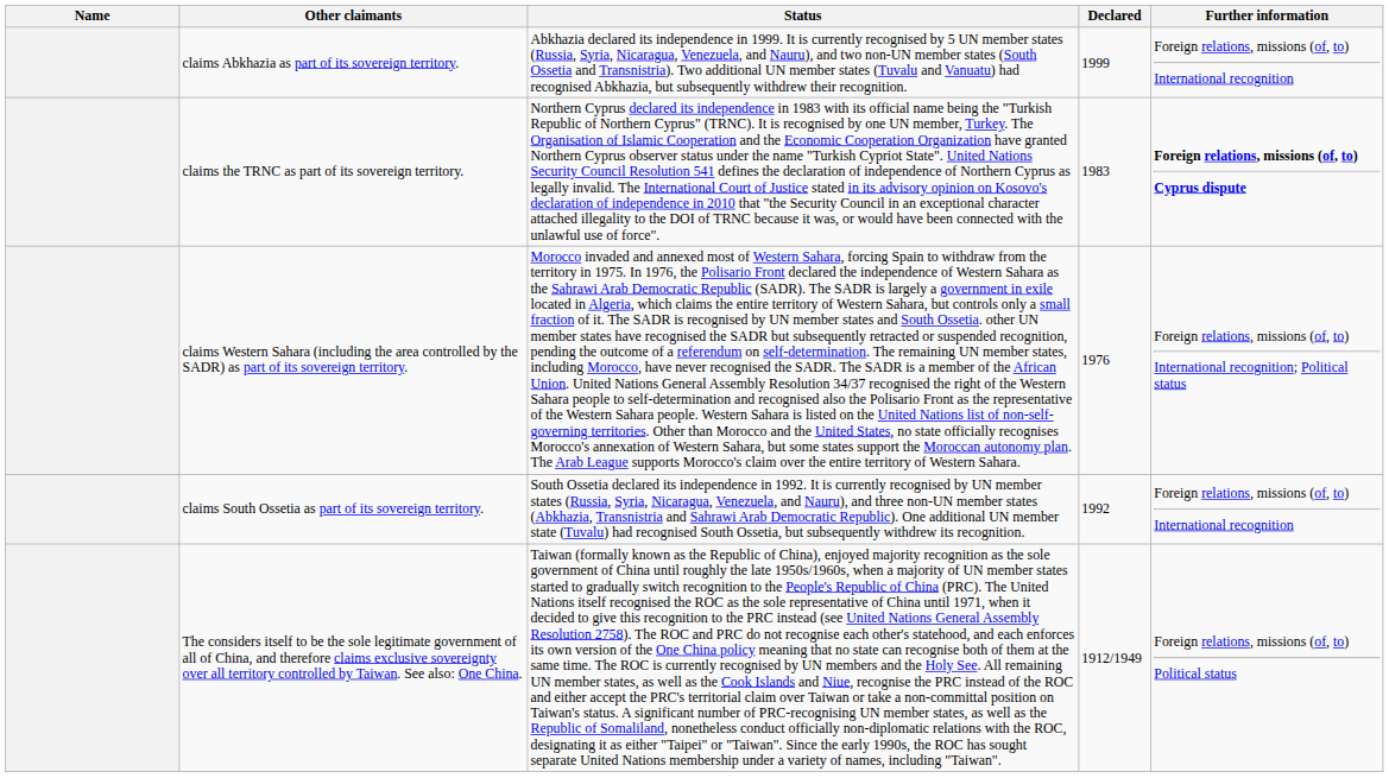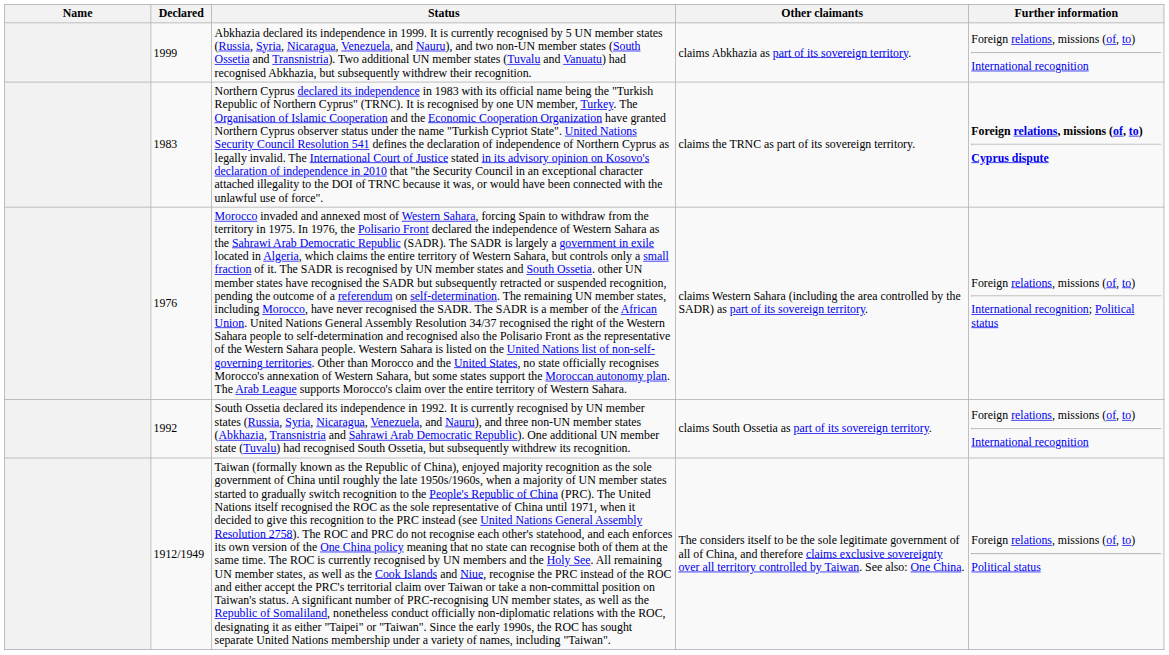 <table class="wikitable sortable">
 <tr>
 <th scope=col style="width:12%;">Name</th>
+<th scope=col style="width:5%;">Declared</th>
+<th scope=col style="width:38%;" class=unsortable>Status</th>
 <th scope=col style="width:24%;" class=unsortable>Other claimants</th>
-<th scope=col style="width:38%;" class=unsortable>Status</th>
-<th scope=col style="width:5%;">Declared</th>
 <th scope=col style="width:16%;" class=unsortable>Further information</th>
 </tr>
 <tr>
 <th scope=row></th>
+<td>1999</td>
+<td>Abkhazia declared its independence in 1999. It is currently recognised by 5 UN member states (<a href='#'>Russia</a>, <a href='#'>Syria</a>, <a href='#'>Nicaragua</a>, <a href='#'>Venezuela</a>, and <a href='#'>Nauru</a>), and two non-UN member states (<a href='#'>South Ossetia</a> and <a href='#'>Transnistria</a>). Two additional UN member states (<a href='#'>Tuvalu</a> and <a href='#'>Vanuatu</a>) had recognised Abkhazia, but subsequently withdrew their recognition.</td>
 <td> claims Abkhazia as <a href='#'>part of its sovereign territory</a>.</td>
-<td>Abkhazia declared its independence in 1999. It is currently recognised by 5 UN member states (<a href='#'>Russia</a>, <a href='#'>Syria</a>, <a href='#'>Nicaragua</a>, <a href='#'>Venezuela</a>, and <a href='#'>Nauru</a>), and two non-UN member states (<a href='#'>South Ossetia</a> and <a href='#'>Transnistria</a>). Two additional UN member states (<a href='#'>Tuvalu</a> and <a href='#'>Vanuatu</a>) had recognised Abkhazia, but subsequently withdrew their recognition.</td>
-<td>1999</td>
 <td>Foreign <a href='#'>relations</a>, missions (<a href='#'>of</a>, <a href='#'>to</a>)<hr> <a href='#'>International recognition</a></td>
 </tr>
 <tr>
 <th scope=row></th>
+<td>1983</td>
+<td>Northern Cyprus <a href='#'>declared its independence</a> in 1983 with its official name being the "Turkish Republic of Northern Cyprus" (TRNC). It is recognised by one UN member, <a href='#'>Turkey</a>. The <a href='#'>Organisation of Islamic Cooperation</a> and the <a href='#'>Economic Cooperation Organization</a> have granted Northern Cyprus observer status under the name "Turkish Cypriot State". <a href='#'>United Nations Security Council Resolution 541</a> defines the declaration of independence of Northern Cyprus as legally invalid. The <a href='#'>International Court of Justice</a> stated <a href='#'>in its advisory opinion on Kosovo's declaration of independence in 2010</a> that "the Security Council in an exceptional character attached illegality to the DOI of TRNC because it was, or would have been connected with the unlawful use of force".</td>
 <td> claims the TRNC as part of its sovereign territory.</td>
-<td>Northern Cyprus <a href='#'>declared its independence</a> in 1983 with its official name being the "Turkish Republic of Northern Cyprus" (TRNC). It is recognised by one UN member, <a href='#'>Turkey</a>. The <a href='#'>Organisation of Islamic Cooperation</a> and the <a href='#'>Economic Cooperation Organization</a> have granted Northern Cyprus observer status under the name "Turkish Cypriot State". <a href='#'>United Nations Security Council Resolution 541</a> defines the declaration of independence of Northern Cyprus as legally invalid. The <a href='#'>International Court of Justice</a> stated <a href='#'>in its advisory opinion on Kosovo's declaration of independence in 2010</a> that "the Security Council in an exceptional character attached illegality to the DOI of TRNC because it was, or would have been connected with the unlawful use of force".</td>
-<td>1983</td>
 <td><strong>Foreign <a href='#'>relations</a>, missions (<a href='#'>of</a>, <a href='#'>to</a>)<hr> <a href='#'>Cyprus dispute</a></strong></td>
 </tr>
 <tr>
 <th scope=row></th>
+<td>1976</td>
+<td><a href='#'>Morocco</a> invaded and annexed most of <a href='#'>Western Sahara</a>, forcing Spain to withdraw from the territory in 1975. In 1976, the <a href='#'>Polisario Front</a> declared the independence of Western Sahara as the <a href='#'>Sahrawi Arab Democratic Republic</a> (SADR). The SADR is largely a <a href='#'>government in exile</a> located in <a href='#'>Algeria</a>, which claims the entire territory of Western Sahara, but controls only a <a href='#'>small fraction</a> of it. The SADR is recognised by <a href='#'></a> UN member states and <a href='#'>South Ossetia</a>.  other UN member states have recognised the SADR but subsequently retracted or suspended recognition, pending the outcome of a <a href='#'>referendum</a> on <a href='#'>self-determination</a>. The remaining UN member states, including <a href='#'>Morocco</a>, have never recognised the SADR. The SADR is a member of the <a href='#'>African Union</a>. United Nations General Assembly Resolution 34/37 recognised the right of the Western Sahara people to self-determination and recognised also the Polisario Front as the representative of the Western Sahara people. Western Sahara is listed on the <a href='#'>United Nations list of non-self-governing territories</a>. Other than Morocco and the <a href='#'>United States</a>, no state officially recognises Morocco's annexation of Western Sahara, but some states support the <a href='#'>Moroccan autonomy plan</a>. The <a href='#'>Arab League</a> supports Morocco's claim over the entire territory of Western Sahara.</td>
 <td> claims Western Sahara (including the area controlled by the SADR) as <a href='#'>part of its sovereign territory</a>.</td>
-<td><a href='#'>Morocco</a> invaded and annexed most of <a href='#'>Western Sahara</a>, forcing Spain to withdraw from the territory in 1975. In 1976, the <a href='#'>Polisario Front</a> declared the independence of Western Sahara as the <a href='#'>Sahrawi Arab Democratic Republic</a> (SADR). The SADR is largely a <a href='#'>government in exile</a> located in <a href='#'>Algeria</a>, which claims the entire territory of Western Sahara, but controls only a <a href='#'>small fraction</a> of it. The SADR is recognised by <a href='#'></a> UN member states and <a href='#'>South Ossetia</a>.  other UN member states have recognised the SADR but subsequently retracted or suspended recognition, pending the outcome of a <a href='#'>referendum</a> on <a href='#'>self-determination</a>. The remaining UN member states, including <a href='#'>Morocco</a>, have never recognised the SADR. The SADR is a member of the <a href='#'>African Union</a>. United Nations General Assembly Resolution 34/37 recognised the right of the Western Sahara people to self-determination and recognised also the Polisario Front as the representative of the Western Sahara people. Western Sahara is listed on the <a href='#'>United Nations list of non-self-governing territories</a>. Other than Morocco and the <a href='#'>United States</a>, no state officially recognises Morocco's annexation of Western Sahara, but some states support the <a href='#'>Moroccan autonomy plan</a>. The <a href='#'>Arab League</a> supports Morocco's claim over the entire territory of Western Sahara.</td>
-<td>1976</td>
 <td>Foreign <a href='#'>relations</a>, missions (<a href='#'>of</a>, <a href='#'>to</a>)<hr> <a href='#'>International recognition</a>; <a href='#'>Political status</a></td>
 </tr>
 <tr>
 <th scope=row></th>
+<td>1992</td>
+<td>South Ossetia declared its independence in 1992. It is currently recognised by <a href='#'></a> UN member states (<a href='#'>Russia</a>, <a href='#'>Syria</a>, <a href='#'>Nicaragua</a>, <a href='#'>Venezuela</a>, and <a href='#'>Nauru</a>), and three non-UN member states (<a href='#'>Abkhazia</a>, <a href='#'>Transnistria</a> and <a href='#'>Sahrawi Arab Democratic Republic</a>). One additional UN member state (<a href='#'>Tuvalu</a>) had recognised South Ossetia, but subsequently withdrew its recognition.</td>
 <td> claims South Ossetia as <a href='#'>part of its sovereign territory</a>.</td>
-<td>South Ossetia declared its independence in 1992. It is currently recognised by <a href='#'></a> UN member states (<a href='#'>Russia</a>, <a href='#'>Syria</a>, <a href='#'>Nicaragua</a>, <a href='#'>Venezuela</a>, and <a href='#'>Nauru</a>), and three non-UN member states (<a href='#'>Abkhazia</a>, <a href='#'>Transnistria</a> and <a href='#'>Sahrawi Arab Democratic Republic</a>). One additional UN member state (<a href='#'>Tuvalu</a>) had recognised South Ossetia, but subsequently withdrew its recognition.</td>
-<td>1992</td>
 <td>Foreign <a href='#'>relations</a>, missions (<a href='#'>of</a>, <a href='#'>to</a>)<hr> <a href='#'>International recognition</a></td>
 </tr>
 <tr>
 <th scope=row></th>
+<td>1912/1949</td>
+<td>Taiwan (formally known as the Republic of China), enjoyed majority recognition as the sole government of China until roughly the late 1950s/1960s, when a majority of UN member states started to gradually switch recognition to the <a href='#'>People's Republic of China</a> (PRC). The United Nations itself recognised the ROC as the sole representative of China until 1971, when it decided to give this recognition to the PRC instead (see <a href='#'>United Nations General Assembly Resolution 2758</a>). The ROC and PRC do not recognise each other's statehood, and each enforces its own version of the <a href='#'>One China policy</a> meaning that no state can recognise both of them at the same time. The ROC is currently recognised by  UN members and the <a href='#'>Holy See</a>. All remaining UN member states, as well as the <a href='#'>Cook Islands</a> and <a href='#'>Niue</a>, recognise the PRC instead of the ROC and either accept the PRC's territorial claim over Taiwan or take a non-committal position on Taiwan's status. A significant number of PRC-recognising UN member states, as well as the <a href='#'>Republic of Somaliland</a>, nonetheless conduct officially non-diplomatic relations with the ROC, designating it as either "Taipei" or "Taiwan". Since the early 1990s, the ROC has sought separate United Nations membership under a variety of names, including "Taiwan".</td>
 <td>The  considers itself to be the sole legitimate government of all of China, and therefore <a href='#'>claims exclusive sovereignty over all territory controlled by Taiwan</a>. See also: <a href='#'>One China</a>.</td>
-<td>Taiwan (formally known as the Republic of China), enjoyed majority recognition as the sole government of China until roughly the late 1950s/1960s, when a majority of UN member states started to gradually switch recognition to the <a href='#'>People's Republic of China</a> (PRC). The United Nations itself recognised the ROC as the sole representative of China until 1971, when it decided to give this recognition to the PRC instead (see <a href='#'>United Nations General Assembly Resolution 2758</a>). The ROC and PRC do not recognise each other's statehood, and each enforces its own version of the <a href='#'>One China policy</a> meaning that no state can recognise both of them at the same time. The ROC is currently recognised by  UN members and the <a href='#'>Holy See</a>. All remaining UN member states, as well as the <a href='#'>Cook Islands</a> and <a href='#'>Niue</a>, recognise the PRC instead of the ROC and either accept the PRC's territorial claim over Taiwan or take a non-committal position on Taiwan's status. A significant number of PRC-recognising UN member states, as well as the <a href='#'>Republic of Somaliland</a>, nonetheless conduct officially non-diplomatic relations with the ROC, designating it as either "Taipei" or "Taiwan". Since the early 1990s, the ROC has sought separate United Nations membership under a variety of names, including "Taiwan".</td>
-<td>1912/1949</td>
 <td>Foreign <a href='#'>relations</a>, missions (<a href='#'>of</a>, <a href='#'>to</a>)<hr><a href='#'>Political status</a></td>
 </tr>
 </table>
